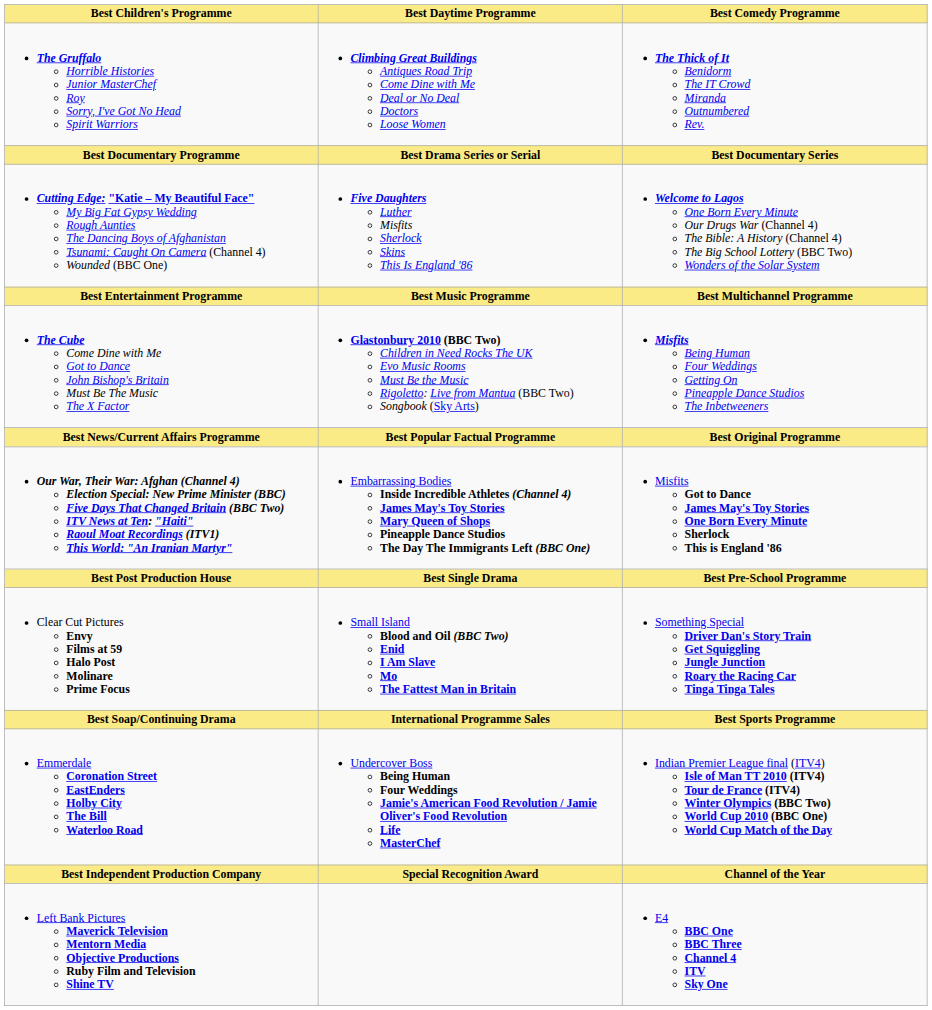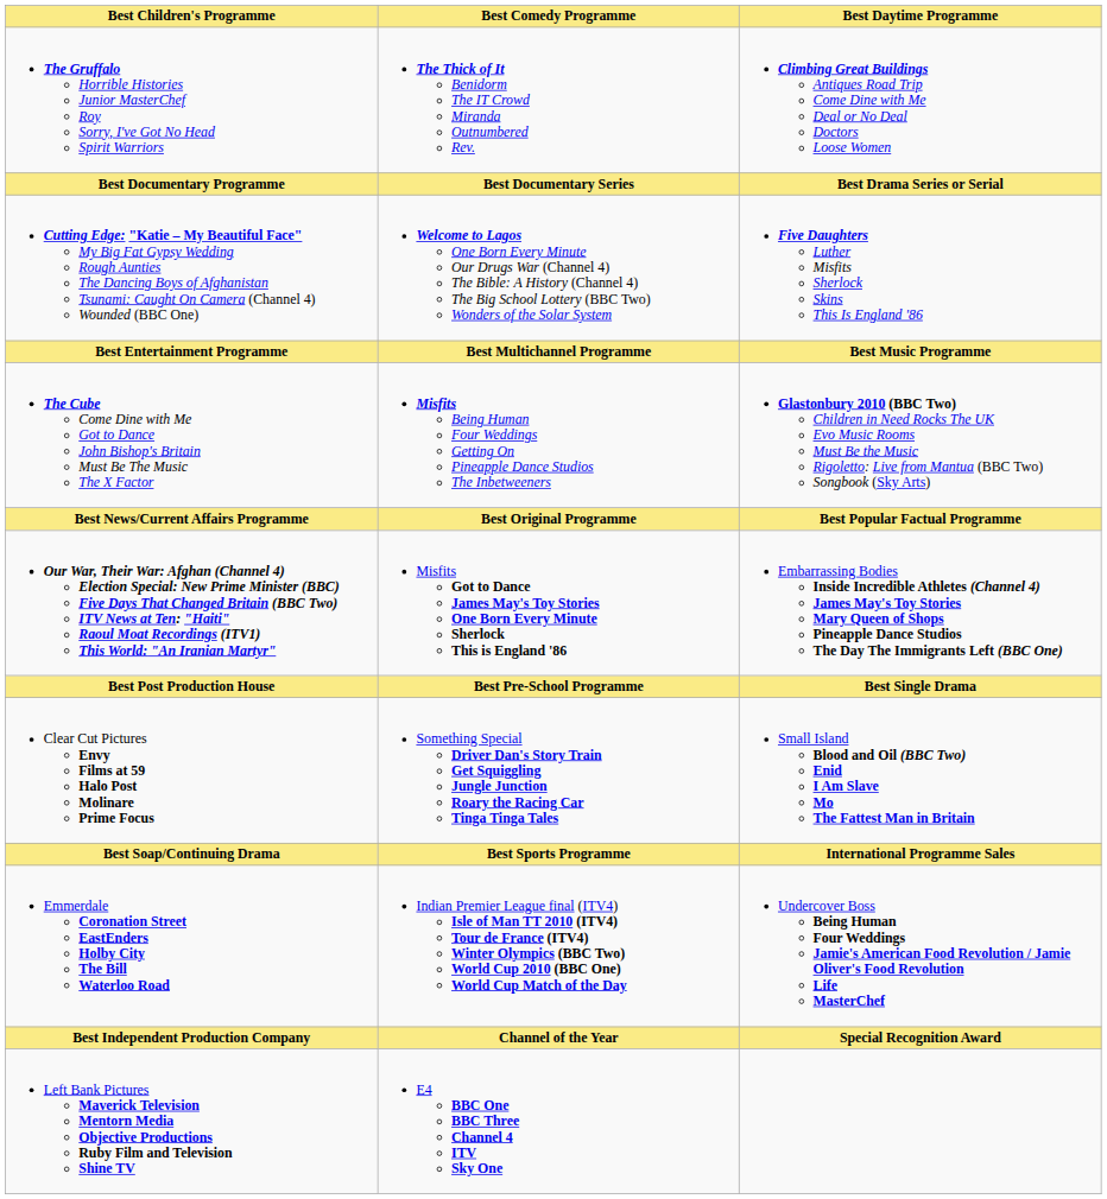 <table class=wikitable style=font-size:100%>
 <tr>
 <th style="background:#FAEB86;" width="34%">Best Children's Programme</th>
+<th style="background:#FAEB86;" width="33%">Best Comedy Programme</th>
 <th style="background:#FAEB86;" width="33%">Best Daytime Programme</th>
-<th style="background:#FAEB86;" width="33%">Best Comedy Programme</th>
 </tr>
 <tr>
 <td valign="top"><br><ul><li><strong><em><a href='#'>The Gruffalo</a></em></strong><ul><li><em><a href='#'>Horrible Histories</a></em></li><li><em><a href='#'>Junior MasterChef</a></em></li><li><em><a href='#'>Roy</a></em></li><li><em><a href='#'>Sorry, I've Got No Head</a></em></li><li><em><a href='#'>Spirit Warriors</a></em></li></ul></li></ul></td>
+<td valign="top"><br><ul><li><strong><em><a href='#'>The Thick of It</a></em></strong><ul><li><em><a href='#'>Benidorm</a></em></li><li><em><a href='#'>The IT Crowd</a></em></li><li><em><a href='#'>Miranda</a></em></li><li><em><a href='#'>Outnumbered</a></em></li><li><em><a href='#'>Rev.</a></em></li></ul></li></ul></td>
 <td valign="top"><br><ul><li><strong><em><a href='#'>Climbing Great Buildings</a></em></strong><ul><li><em><a href='#'>Antiques Road Trip</a></em></li><li><em><a href='#'>Come Dine with Me</a></em></li><li><em><a href='#'>Deal or No Deal</a></em></li><li><em><a href='#'>Doctors</a></em></li><li><em><a href='#'>Loose Women</a></em></li></ul></li></ul></td>
-<td valign="top"><br><ul><li><strong><em><a href='#'>The Thick of It</a></em></strong><ul><li><em><a href='#'>Benidorm</a></em></li><li><em><a href='#'>The IT Crowd</a></em></li><li><em><a href='#'>Miranda</a></em></li><li><em><a href='#'>Outnumbered</a></em></li><li><em><a href='#'>Rev.</a></em></li></ul></li></ul></td>
 </tr>
 <tr>
 <th style="background:#FAEB86;" width="34%">Best Documentary Programme</th>
+<th style="background:#FAEB86;" width="33%">Best Documentary Series</th>
 <th style="background:#FAEB86;" width="33%">Best Drama Series or Serial</th>
-<th style="background:#FAEB86;" width="33%">Best Documentary Series</th>
 </tr>
 <tr>
 <td valign="top"><br><ul><li><strong><a href='#'><em>Cutting Edge:</em></a> <a href='#'>"Katie – My Beautiful Face"</a></strong><ul><li><em><a href='#'>My Big Fat Gypsy Wedding</a></em></li><li><em><a href='#'>Rough Aunties</a></em></li><li><em><a href='#'>The Dancing Boys of Afghanistan</a></em></li><li><em><a href='#'>Tsunami: Caught On Camera</a></em> (Channel 4)</li><li><em>Wounded</em> (BBC One)</li></ul></li></ul></td>
+<td valign="top"><br><ul><li><strong><em><a href='#'>Welcome to Lagos</a></em></strong><ul><li><em><a href='#'>One Born Every Minute</a></em></li><li><em>Our Drugs War</em> (Channel 4)</li><li><em>The Bible: A History</em> (Channel 4)</li><li><em>The Big School Lottery</em> (BBC Two)</li><li><em><a href='#'>Wonders of the Solar System</a></em></li></ul></li></ul></td>
 <td valign="top"><br><ul><li><strong><em><a href='#'>Five Daughters</a></em></strong><ul><li><em><a href='#'>Luther</a></em></li><li><em>Misfits</em></li><li><em><a href='#'>Sherlock</a></em></li><li><em><a href='#'>Skins</a></em></li><li><em><a href='#'>This Is England '86</a></em></li></ul></li></ul></td>
-<td valign="top"><br><ul><li><strong><em><a href='#'>Welcome to Lagos</a></em></strong><ul><li><em><a href='#'>One Born Every Minute</a></em></li><li><em>Our Drugs War</em> (Channel 4)</li><li><em>The Bible: A History</em> (Channel 4)</li><li><em>The Big School Lottery</em> (BBC Two)</li><li><em><a href='#'>Wonders of the Solar System</a></em></li></ul></li></ul></td>
 </tr>
 <tr>
 <th style="background:#FAEB86;" width="34%">Best Entertainment Programme</th>
+<th style="background:#FAEB86;" width="33%">Best Multichannel Programme</th>
 <th style="background:#FAEB86;" width="33%">Best Music Programme</th>
-<th style="background:#FAEB86;" width="33%">Best Multichannel Programme</th>
 </tr>
 <tr>
 <td valign="top"><br><ul><li><strong><em><a href='#'>The Cube</a></em></strong><ul><li><em>Come Dine with Me</em></li><li><em><a href='#'>Got to Dance</a></em></li><li><em><a href='#'>John Bishop's Britain</a></em></li><li><em>Must Be The Music</em></li><li><em><a href='#'>The X Factor</a></em></li></ul></li></ul></td>
+<td valign="top"><br><ul><li><strong><em><a href='#'>Misfits</a></em></strong><ul><li><em><a href='#'>Being Human</a></em></li><li><em><a href='#'>Four Weddings</a></em></li><li><em><a href='#'>Getting On</a></em></li><li><em><a href='#'>Pineapple Dance Studios</a></em></li><li><em><a href='#'>The Inbetweeners</a></em></li></ul></li></ul></td>
 <td valign="top"><br><ul><li><strong><a href='#'>Glastonbury 2010</a> (BBC Two)</strong><ul><li><em><a href='#'>Children in Need Rocks The UK</a></em></li><li><em><a href='#'>Evo Music Rooms</a></em></li><li><em><a href='#'>Must Be the Music</a></em></li><li><em><a href='#'>Rigoletto</a>: <a href='#'>Live from Mantua</a></em> (BBC Two)</li><li><em>Songbook</em> (<a href='#'>Sky Arts</a>)</li></ul></li></ul></td>
-<td valign="top"><br><ul><li><strong><em><a href='#'>Misfits</a></em></strong><ul><li><em><a href='#'>Being Human</a></em></li><li><em><a href='#'>Four Weddings</a></em></li><li><em><a href='#'>Getting On</a></em></li><li><em><a href='#'>Pineapple Dance Studios</a></em></li><li><em><a href='#'>The Inbetweeners</a></em></li></ul></li></ul></td>
 </tr>
 <tr>
 <th style="background:#FAEB86;" width="34%">Best News/Current Affairs Programme</th>
+<th style="background:#FAEB86;" width="33%">Best Original Programme</th>
 <th style="background:#FAEB86;" width="33%">Best Popular Factual Programme</th>
-<th style="background:#FAEB86;" width="33%">Best Original Programme</th>
 </tr>
 <tr>
 <td valign="top"><br><ul><li><strong><em>Our War, Their War: Afghan<em> (Channel 4)<strong><ul><li>Election Special: New Prime Minister (BBC)</li><li><a href='#'></em>Five Days That Changed Britain<em></a> (BBC Two)</li><li></em><a href='#'>ITV News at Ten</a>:<em> <a href='#'>"Haiti"</a></li><li><a href='#'>Raoul Moat Recordings</a> (ITV1)</li><li><a href='#'></em>This World:<em> "An Iranian Martyr"</a></li></ul></li></ul></td>
+<td valign="top"><br><ul><li></em></strong><a href='#'>Misfits</a><strong><em><ul><li></em>Got to Dance<em></li><li></em><a href='#'>James May's Toy Stories</a><em></li><li></em><a href='#'>One Born Every Minute</a><em></li><li></em>Sherlock<em></li><li></em>This is England '86<em></li></ul></li></ul></td>
 <td valign="top"><br><ul><li></em></strong><a href='#'>Embarrassing Bodies</a><strong><em><ul><li></em>Inside Incredible Athletes<em> (Channel 4)</li><li></em><a href='#'>James May's Toy Stories</a><em></li><li></em><a href='#'>Mary Queen of Shops</a><em></li><li></em>Pineapple Dance Studios<em></li><li></em>The Day The Immigrants Left<em> (BBC One)</li></ul></li></ul></td>
-<td valign="top"><br><ul><li></em></strong><a href='#'>Misfits</a><strong><em><ul><li></em>Got to Dance<em></li><li></em><a href='#'>James May's Toy Stories</a><em></li><li></em><a href='#'>One Born Every Minute</a><em></li><li></em>Sherlock<em></li><li></em>This is England '86<em></li></ul></li></ul></td>
 </tr>
 <tr>
 <th style="background:#FAEB86;" width="34%">Best Post Production House</th>
+<th style="background:#FAEB86;" width="33%">Best Pre-School Programme</th>
 <th style="background:#FAEB86;" width="33%">Best Single Drama</th>
-<th style="background:#FAEB86;" width="33%">Best Pre-School Programme</th>
 </tr>
 <tr>
 <td valign="top"><br><ul><li></strong>Clear Cut Pictures<strong><ul><li>Envy</li><li>Films at 59</li><li>Halo Post</li><li>Molinare</li><li>Prime Focus</li></ul></li></ul></td>
+<td valign="top"><br><ul><li></em></strong><a href='#'>Something Special</a><strong><em><ul><li></em><a href='#'>Driver Dan's Story Train</a><em></li><li></em><a href='#'>Get Squiggling</a><em></li><li></em><a href='#'>Jungle Junction</a><em></li><li></em><a href='#'>Roary the Racing Car</a><em></li><li></em><a href='#'>Tinga Tinga Tales</a><em></li></ul></li></ul></td>
 <td valign="top"><br><ul><li></em></strong><a href='#'>Small Island</a><strong><em><ul><li></em>Blood and Oil<em> (BBC Two)</li><li></em><a href='#'>Enid</a><em></li><li></em><a href='#'>I Am Slave</a><em></li><li></em><a href='#'>Mo</a><em></li><li></em><a href='#'>The Fattest Man in Britain</a><em></li></ul></li></ul></td>
-<td valign="top"><br><ul><li></em></strong><a href='#'>Something Special</a><strong><em><ul><li></em><a href='#'>Driver Dan's Story Train</a><em></li><li></em><a href='#'>Get Squiggling</a><em></li><li></em><a href='#'>Jungle Junction</a><em></li><li></em><a href='#'>Roary the Racing Car</a><em></li><li></em><a href='#'>Tinga Tinga Tales</a><em></li></ul></li></ul></td>
 </tr>
 <tr>
 <th style="background:#FAEB86;" width="34%">Best Soap/Continuing Drama</th>
+<th style="background:#FAEB86;" width="33%">Best Sports Programme</th>
 <th style="background:#FAEB86;" width="33%">International Programme Sales</th>
-<th style="background:#FAEB86;" width="33%">Best Sports Programme</th>
 </tr>
 <tr>
 <td valign="top"><br><ul><li></em></strong><a href='#'>Emmerdale</a><strong><em><ul><li></em><a href='#'>Coronation Street</a><em></li><li></em><a href='#'>EastEnders</a><em></li><li></em><a href='#'>Holby City</a><em></li><li></em><a href='#'>The Bill</a><em></li><li></em><a href='#'>Waterloo Road</a><em></li></ul></li></ul></td>
+<td valign="top"><br><ul><li></strong><a href='#'>Indian Premier League final</a> (<a href='#'>ITV4</a>)<strong><ul><li><a href='#'>Isle of Man TT 2010</a> (ITV4)</li><li><a href='#'>Tour de France</a> (ITV4)</li><li><a href='#'>Winter Olympics</a> (BBC Two)</li><li><a href='#'>World Cup 2010</a> (BBC One)</li><li></em><a href='#'>World Cup Match of the Day</a><em></li></ul></li></ul></td>
 <td valign="top"><br><ul><li></em></strong><a href='#'>Undercover Boss</a><strong><em><ul><li></em>Being Human<em></li><li></em>Four Weddings<em></li><li></em><a href='#'>Jamie's American Food Revolution / Jamie Oliver's Food Revolution</a><em></li><li></em><a href='#'>Life</a><em></li><li></em><a href='#'>MasterChef</a><em></li></ul></li></ul></td>
-<td valign="top"><br><ul><li></strong><a href='#'>Indian Premier League final</a> (<a href='#'>ITV4</a>)<strong><ul><li><a href='#'>Isle of Man TT 2010</a> (ITV4)</li><li><a href='#'>Tour de France</a> (ITV4)</li><li><a href='#'>Winter Olympics</a> (BBC Two)</li><li><a href='#'>World Cup 2010</a> (BBC One)</li><li></em><a href='#'>World Cup Match of the Day</a><em></li></ul></li></ul></td>
 </tr>
 <tr>
 <th style="background:#FAEB86;" width="33%">Best Independent Production Company</th>
+<th style="background:#FAEB86;" width="33%">Channel of the Year</th>
 <th style="background:#FAEB86;" width="33%">Special Recognition Award</th>
-<th style="background:#FAEB86;" width="33%">Channel of the Year</th>
 </tr>
 <tr>
 <td valign="top"><br><ul><li></strong><a href='#'>Left Bank Pictures</a><strong><ul><li><a href='#'>Maverick Television</a></li><li><a href='#'>Mentorn Media</a></li><li><a href='#'>Objective Productions</a></li><li>Ruby Film and Television</li><li><a href='#'>Shine TV</a></li></ul></li></ul></td>
+<td valign="top"><br><ul><li></strong><a href='#'>E4</a><strong><ul><li><a href='#'>BBC One</a></li><li><a href='#'>BBC Three</a></li><li><a href='#'>Channel 4</a></li><li><a href='#'>ITV</a></li><li><a href='#'>Sky One</a></li></ul></li></ul></td>
 <td valign="top"></td>
-<td valign="top"><br><ul><li></strong><a href='#'>E4</a><strong><ul><li><a href='#'>BBC One</a></li><li><a href='#'>BBC Three</a></li><li><a href='#'>Channel 4</a></li><li><a href='#'>ITV</a></li><li><a href='#'>Sky One</a></li></ul></li></ul></td>
 </tr>
 </table>
